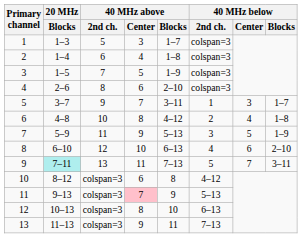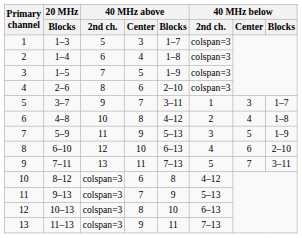 <table class="wikitable" style="text-align: center">
 <tr>
 <th rowspan=2>Primary<br>channel</th>
 <th>20 MHz</th>
 <th colspan=3>40 MHz above</th>
 <th colspan=3>40 MHz below</th>
 </tr>
 <tr>
 <th>Blocks</th>
 <th>2nd ch.</th>
 <th>Center</th>
 <th>Blocks</th>
 <th>2nd ch.</th>
 <th>Center</th>
 <th>Blocks</th>
 </tr>
 <tr>
 <td>1</td>
 <td>1–3</td>
 <td>5</td>
 <td>3</td>
 <td>1–7</td>
 <td>colspan=3 </td>
 </tr>
 <tr>
 <td>2</td>
 <td>1–4</td>
 <td>6</td>
 <td>4</td>
 <td>1–8</td>
 <td>colspan=3 </td>
 </tr>
 <tr>
 <td>3</td>
 <td>1–5</td>
 <td>7</td>
 <td>5</td>
 <td>1–9</td>
 <td>colspan=3 </td>
 </tr>
 <tr>
 <td>4</td>
 <td>2–6</td>
 <td>8</td>
 <td>6</td>
 <td>2–10</td>
 <td>colspan=3 </td>
 </tr>
 <tr>
 <td>5</td>
 <td>3–7</td>
 <td>9</td>
 <td>7</td>
 <td>3–11</td>
 <td>1</td>
 <td>3</td>
 <td>1–7</td>
 </tr>
 <tr>
 <td>6</td>
 <td>4–8</td>
 <td>10</td>
 <td>8</td>
 <td>4–12</td>
 <td>2</td>
 <td>4</td>
 <td>1–8</td>
 </tr>
 <tr>
 <td>7</td>
 <td>5–9</td>
 <td>11</td>
 <td>9</td>
 <td>5–13</td>
 <td>3</td>
 <td>5</td>
 <td>1–9</td>
 </tr>
 <tr>
 <td>8</td>
 <td>6–10</td>
 <td>12</td>
 <td>10</td>
 <td>6–13</td>
 <td>4</td>
 <td>6</td>
 <td>2–10</td>
 </tr>
 <tr>
 <td>9</td>
-<td style="background: paleturquoise;">7–11</td>
+<td>7–11</td>
 <td>13</td>
 <td>11</td>
 <td>7–13</td>
 <td>5</td>
 <td>7</td>
 <td>3–11</td>
 </tr>
 <tr>
 <td>10</td>
 <td>8–12</td>
 <td>colspan=3 </td>
 <td>6</td>
 <td>8</td>
 <td>4–12</td>
 </tr>
 <tr>
 <td>11</td>
 <td>9–13</td>
 <td>colspan=3 </td>
-<td style="background: pink;">7</td>
+<td>7</td>
 <td>9</td>
 <td>5–13</td>
 </tr>
 <tr>
 <td>12</td>
 <td>10–13</td>
 <td>colspan=3 </td>
 <td>8</td>
 <td>10</td>
 <td>6–13</td>
 </tr>
 <tr>
 <td>13</td>
 <td>11–13</td>
 <td>colspan=3 </td>
 <td>9</td>
 <td>11</td>
 <td>7–13</td>
 </tr>
 </table>
